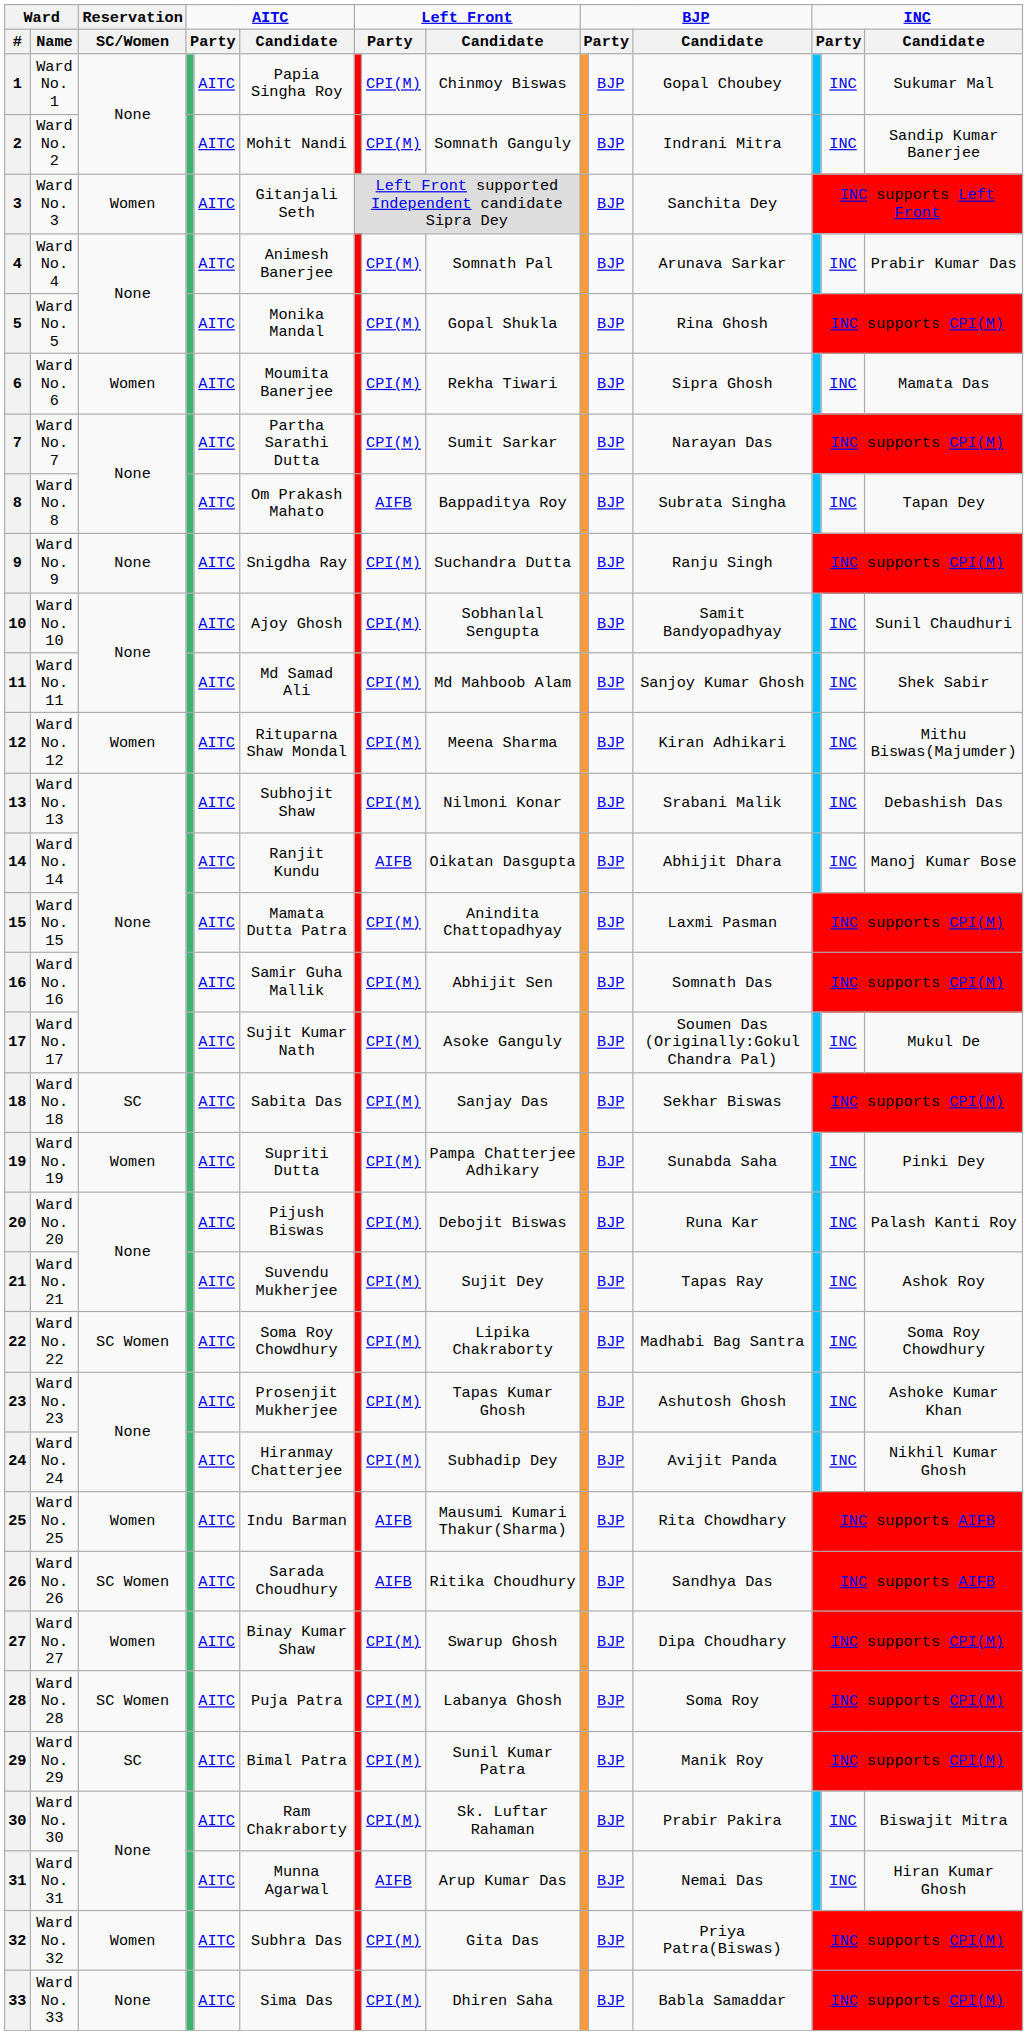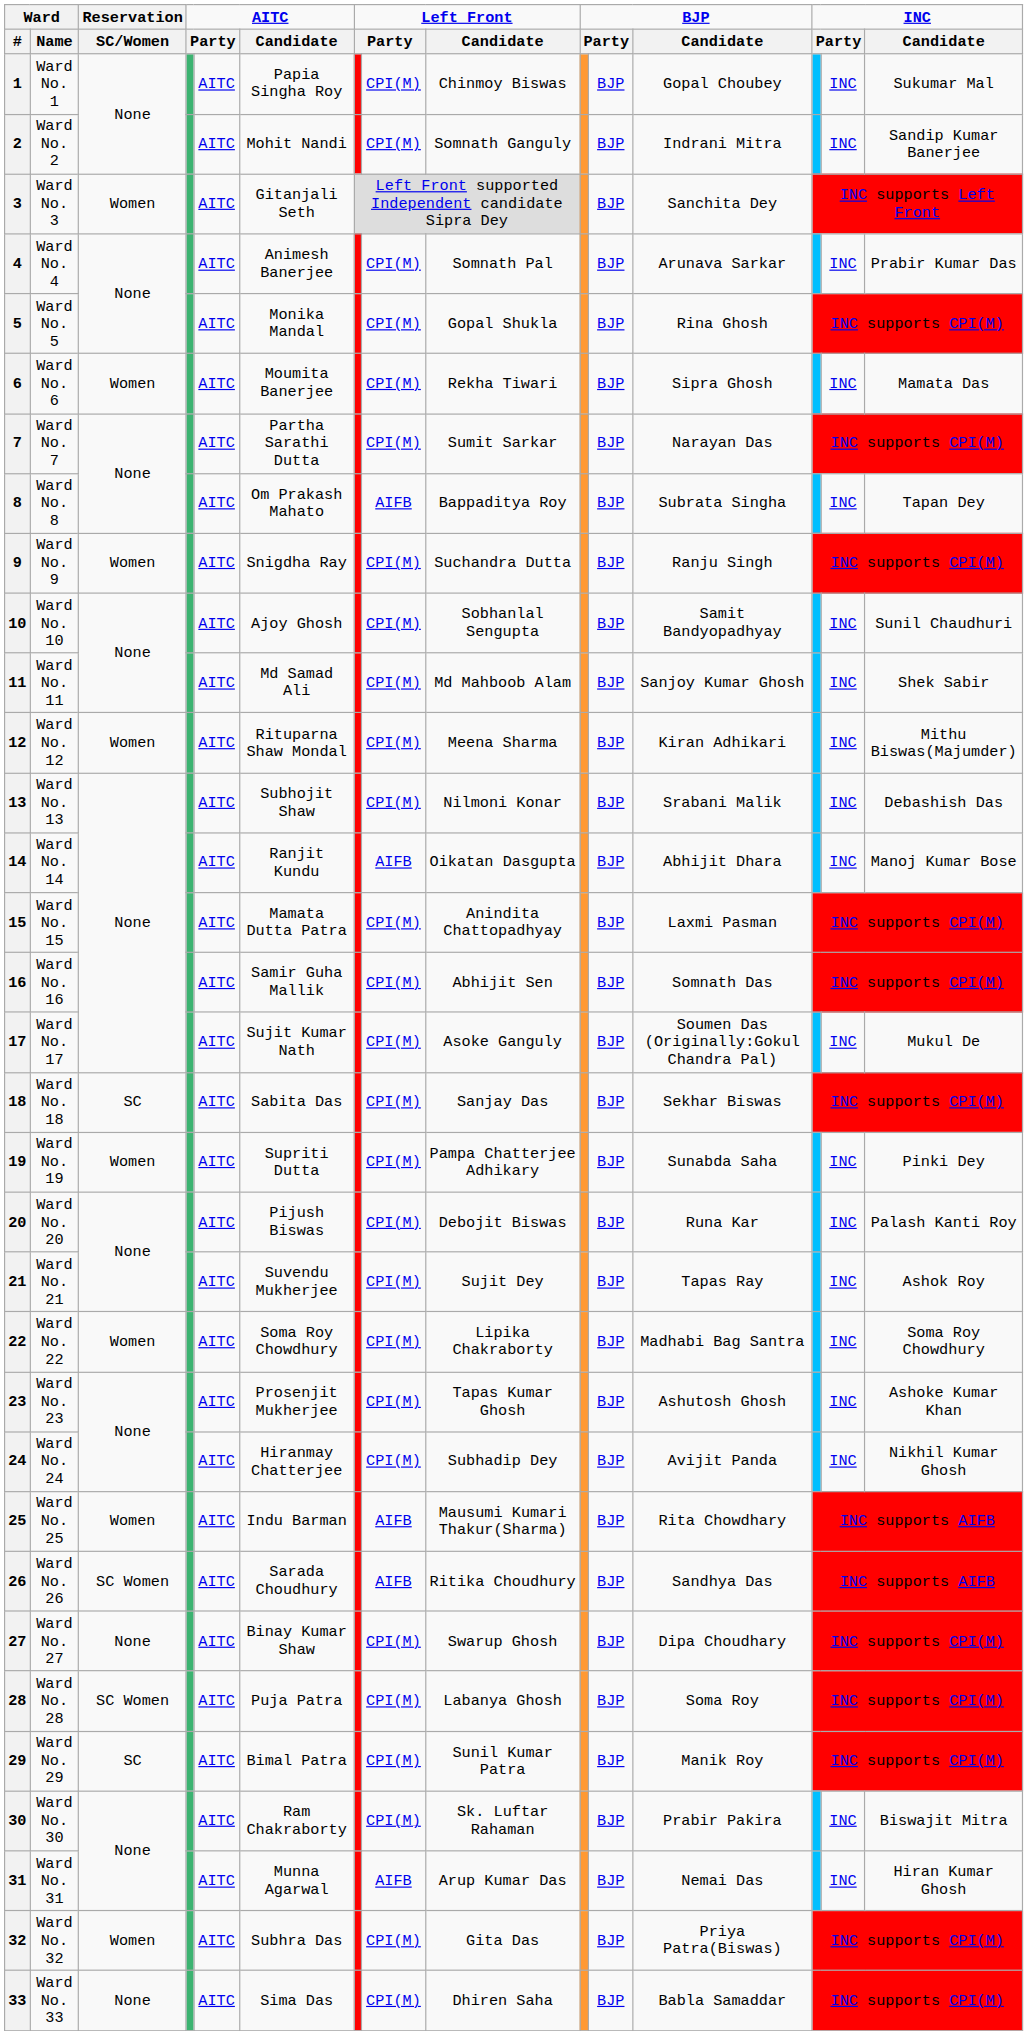 <table class="wikitable sortable" style="text-align:center;">
 <tr>
 <th colspan="2">Ward</th>
 <th colspan="1">Reservation</th>
 <td colspan="3"><a href='#'><span><strong>AITC</strong></span></a></td>
 <td colspan="3" bgcolor=><a href='#'><span><strong>Left Front</strong></span></a></td>
 <td colspan="3"><a href='#'><span><strong>BJP</strong></span></a></td>
 <td colspan="3" bgcolor=><a href='#'><span><strong>INC</strong></span></a></td>
 </tr>
 <tr>
 <th>#</th>
 <th>Name</th>
 <th>SC/Women</th>
 <th colspan="2">Party</th>
 <th>Candidate</th>
 <th colspan="2">Party</th>
 <th>Candidate</th>
 <th colspan="2">Party</th>
 <th>Candidate</th>
 <th colspan="2">Party</th>
 <th>Candidate</th>
 </tr>
 <tr>
 <th>1</th>
 <td>Ward No. 1</td>
 <td rowspan="2">None</td>
 <td bgcolor=#3CB371></td>
 <td><a href='#'>AITC</a></td>
 <td>Papia Singha Roy</td>
 <td bgcolor=#FF0000></td>
 <td><a href='#'>CPI(M)</a></td>
 <td>Chinmoy Biswas</td>
 <td bgcolor=#FF9933></td>
 <td><a href='#'>BJP</a></td>
 <td>Gopal Choubey</td>
 <td bgcolor=#00BFFF></td>
 <td><a href='#'>INC</a></td>
 <td>Sukumar Mal</td>
 </tr>
 <tr>
 <th>2</th>
 <td>Ward No. 2</td>
 <td bgcolor=#3CB371></td>
 <td><a href='#'>AITC</a></td>
 <td>Mohit Nandi</td>
 <td bgcolor=#FF0000></td>
 <td><a href='#'>CPI(M)</a></td>
 <td>Somnath Ganguly</td>
 <td bgcolor=#FF9933></td>
 <td><a href='#'>BJP</a></td>
 <td>Indrani Mitra</td>
 <td bgcolor=#00BFFF></td>
 <td><a href='#'>INC</a></td>
 <td>Sandip Kumar Banerjee</td>
 </tr>
 <tr>
 <th>3</th>
 <td>Ward No. 3</td>
 <td>Women</td>
 <td bgcolor=#3CB371></td>
 <td><a href='#'>AITC</a></td>
 <td>Gitanjali Seth</td>
 <td colspan="3" style="background:#DDDDDD"><a href='#'>Left Front</a> supported <a href='#'>Independent</a> candidate Sipra Dey</td>
 <td bgcolor=#FF9933></td>
 <td><a href='#'>BJP</a></td>
 <td>Sanchita Dey</td>
 <td colspan="3" style="background:#f00;"><a href='#'>INC</a> supports <a href='#'>Left Front</a></td>
 </tr>
 <tr>
 <th>4</th>
 <td>Ward No. 4</td>
 <td rowspan="2">None</td>
 <td bgcolor=#3CB371></td>
 <td><a href='#'>AITC</a></td>
 <td>Animesh Banerjee</td>
 <td bgcolor=#FF0000></td>
 <td><a href='#'>CPI(M)</a></td>
 <td>Somnath Pal</td>
 <td bgcolor=#FF9933></td>
 <td><a href='#'>BJP</a></td>
 <td>Arunava Sarkar</td>
 <td bgcolor=#00BFFF></td>
 <td><a href='#'>INC</a></td>
 <td>Prabir Kumar Das</td>
 </tr>
 <tr>
 <th>5</th>
 <td>Ward No. 5</td>
 <td bgcolor=#3CB371></td>
 <td><a href='#'>AITC</a></td>
 <td>Monika Mandal</td>
 <td bgcolor=#FF0000></td>
 <td><a href='#'>CPI(M)</a></td>
 <td>Gopal Shukla</td>
 <td bgcolor=#FF9933></td>
 <td><a href='#'>BJP</a></td>
 <td>Rina Ghosh</td>
 <td colspan="3" style="background:#f00;"><a href='#'>INC</a> supports <a href='#'>CPI(M)</a></td>
 </tr>
 <tr>
 <th>6</th>
 <td>Ward No. 6</td>
 <td>Women</td>
 <td bgcolor=#3CB371></td>
 <td><a href='#'>AITC</a></td>
 <td>Moumita Banerjee</td>
 <td bgcolor=#FF0000></td>
 <td><a href='#'>CPI(M)</a></td>
 <td>Rekha Tiwari</td>
 <td bgcolor=#FF9933></td>
 <td><a href='#'>BJP</a></td>
 <td>Sipra Ghosh</td>
 <td bgcolor=#00BFFF></td>
 <td><a href='#'>INC</a></td>
 <td>Mamata Das</td>
 </tr>
 <tr>
 <th>7</th>
 <td>Ward No. 7</td>
 <td rowspan="2">None</td>
 <td bgcolor=#3CB371></td>
 <td><a href='#'>AITC</a></td>
 <td>Partha Sarathi Dutta</td>
 <td bgcolor=#FF0000></td>
 <td><a href='#'>CPI(M)</a></td>
 <td>Sumit Sarkar</td>
 <td bgcolor=#FF9933></td>
 <td><a href='#'>BJP</a></td>
 <td>Narayan Das</td>
 <td colspan="3" style="background:#f00;"><a href='#'>INC</a> supports <a href='#'>CPI(M)</a></td>
 </tr>
 <tr>
 <th>8</th>
 <td>Ward No. 8</td>
 <td bgcolor=#3CB371></td>
 <td><a href='#'>AITC</a></td>
 <td>Om Prakash Mahato</td>
 <td bgcolor=#FF0000></td>
 <td><a href='#'>AIFB</a></td>
 <td>Bappaditya Roy</td>
 <td bgcolor=#FF9933></td>
 <td><a href='#'>BJP</a></td>
 <td>Subrata Singha</td>
 <td bgcolor=#00BFFF></td>
 <td><a href='#'>INC</a></td>
 <td>Tapan Dey</td>
 </tr>
 <tr>
 <th>9</th>
 <td>Ward No. 9</td>
-<td>None</td>
+<td>Women</td>
 <td bgcolor=#3CB371></td>
 <td><a href='#'>AITC</a></td>
 <td>Snigdha Ray</td>
 <td bgcolor=#FF0000></td>
 <td><a href='#'>CPI(M)</a></td>
 <td>Suchandra Dutta</td>
 <td bgcolor=#FF9933></td>
 <td><a href='#'>BJP</a></td>
 <td>Ranju Singh</td>
 <td colspan="3" style="background:#f00;"><a href='#'>INC</a> supports <a href='#'>CPI(M)</a></td>
 </tr>
 <tr>
 <th>10</th>
 <td>Ward No. 10</td>
 <td rowspan="2">None</td>
 <td bgcolor=#3CB371></td>
 <td><a href='#'>AITC</a></td>
 <td>Ajoy Ghosh</td>
 <td bgcolor=#FF0000></td>
 <td><a href='#'>CPI(M)</a></td>
 <td>Sobhanlal Sengupta</td>
 <td bgcolor=#FF9933></td>
 <td><a href='#'>BJP</a></td>
 <td>Samit Bandyopadhyay</td>
 <td bgcolor=#00BFFF></td>
 <td><a href='#'>INC</a></td>
 <td>Sunil Chaudhuri</td>
 </tr>
 <tr>
 <th>11</th>
 <td>Ward No. 11</td>
 <td bgcolor=#3CB371></td>
 <td><a href='#'>AITC</a></td>
 <td>Md Samad Ali</td>
 <td bgcolor=#FF0000></td>
 <td><a href='#'>CPI(M)</a></td>
 <td>Md Mahboob Alam</td>
 <td bgcolor=#FF9933></td>
 <td><a href='#'>BJP</a></td>
 <td>Sanjoy Kumar Ghosh</td>
 <td bgcolor=#00BFFF></td>
 <td><a href='#'>INC</a></td>
 <td>Shek Sabir</td>
 </tr>
 <tr>
 <th>12</th>
 <td>Ward No. 12</td>
 <td>Women</td>
 <td bgcolor=#3CB371></td>
 <td><a href='#'>AITC</a></td>
 <td>Rituparna Shaw Mondal</td>
 <td bgcolor=#FF0000></td>
 <td><a href='#'>CPI(M)</a></td>
 <td>Meena Sharma</td>
 <td bgcolor=#FF9933></td>
 <td><a href='#'>BJP</a></td>
 <td>Kiran Adhikari</td>
 <td bgcolor=#00BFFF></td>
 <td><a href='#'>INC</a></td>
 <td>Mithu Biswas(Majumder)</td>
 </tr>
 <tr>
 <th>13</th>
 <td>Ward No. 13</td>
 <td rowspan="5">None</td>
 <td bgcolor=#3CB371></td>
 <td><a href='#'>AITC</a></td>
 <td>Subhojit Shaw</td>
 <td bgcolor=#FF0000></td>
 <td><a href='#'>CPI(M)</a></td>
 <td>Nilmoni Konar</td>
 <td bgcolor=#FF9933></td>
 <td><a href='#'>BJP</a></td>
 <td>Srabani Malik</td>
 <td bgcolor=#00BFFF></td>
 <td><a href='#'>INC</a></td>
 <td>Debashish Das</td>
 </tr>
 <tr>
 <th>14</th>
 <td>Ward No. 14</td>
 <td bgcolor=#3CB371></td>
 <td><a href='#'>AITC</a></td>
 <td>Ranjit Kundu</td>
 <td bgcolor=#FF0000></td>
 <td><a href='#'>AIFB</a></td>
 <td>Oikatan Dasgupta</td>
 <td bgcolor=#FF9933></td>
 <td><a href='#'>BJP</a></td>
 <td>Abhijit Dhara</td>
 <td bgcolor=#00BFFF></td>
 <td><a href='#'>INC</a></td>
 <td>Manoj Kumar Bose</td>
 </tr>
 <tr>
 <th>15</th>
 <td>Ward No. 15</td>
 <td bgcolor=#3CB371></td>
 <td><a href='#'>AITC</a></td>
 <td>Mamata Dutta Patra</td>
 <td bgcolor=#FF0000></td>
 <td><a href='#'>CPI(M)</a></td>
 <td>Anindita Chattopadhyay</td>
 <td bgcolor=#FF9933></td>
 <td><a href='#'>BJP</a></td>
 <td>Laxmi Pasman</td>
 <td colspan="3" style="background:#f00;"><a href='#'>INC</a> supports <a href='#'>CPI(M)</a></td>
 </tr>
 <tr>
 <th>16</th>
 <td>Ward No. 16</td>
 <td bgcolor=#3CB371></td>
 <td><a href='#'>AITC</a></td>
 <td>Samir Guha Mallik</td>
 <td bgcolor=#FF0000></td>
 <td><a href='#'>CPI(M)</a></td>
 <td>Abhijit Sen</td>
 <td bgcolor=#FF9933></td>
 <td><a href='#'>BJP</a></td>
 <td>Somnath Das</td>
 <td colspan="3" style="background:#f00;"><a href='#'>INC</a> supports <a href='#'>CPI(M)</a></td>
 </tr>
 <tr>
 <th>17</th>
 <td>Ward No. 17</td>
 <td bgcolor=#3CB371></td>
 <td><a href='#'>AITC</a></td>
 <td>Sujit Kumar Nath</td>
 <td bgcolor=#FF0000></td>
 <td><a href='#'>CPI(M)</a></td>
 <td>Asoke Ganguly</td>
 <td bgcolor=#FF9933></td>
 <td><a href='#'>BJP</a></td>
 <td>Soumen Das (Originally:Gokul Chandra Pal)<br></td>
 <td bgcolor=#00BFFF></td>
 <td><a href='#'>INC</a></td>
 <td>Mukul De</td>
 </tr>
 <tr>
 <th>18</th>
 <td>Ward No. 18</td>
 <td>SC</td>
 <td bgcolor=#3CB371></td>
 <td><a href='#'>AITC</a></td>
 <td>Sabita Das</td>
 <td bgcolor=#FF0000></td>
 <td><a href='#'>CPI(M)</a></td>
 <td>Sanjay Das</td>
 <td bgcolor=#FF9933></td>
 <td><a href='#'>BJP</a></td>
 <td>Sekhar Biswas</td>
 <td colspan="3" style="background:#f00;"><a href='#'>INC</a> supports <a href='#'>CPI(M)</a></td>
 </tr>
 <tr>
 <th>19</th>
 <td>Ward No. 19</td>
 <td>Women</td>
 <td bgcolor=#3CB371></td>
 <td><a href='#'>AITC</a></td>
 <td>Supriti Dutta</td>
 <td bgcolor=#FF0000></td>
 <td><a href='#'>CPI(M)</a></td>
 <td>Pampa Chatterjee Adhikary</td>
 <td bgcolor=#FF9933></td>
 <td><a href='#'>BJP</a></td>
 <td>Sunabda Saha</td>
 <td bgcolor=#00BFFF></td>
 <td><a href='#'>INC</a></td>
 <td>Pinki Dey</td>
 </tr>
 <tr>
 <th>20</th>
 <td>Ward No. 20</td>
 <td rowspan="2">None</td>
 <td bgcolor=#3CB371></td>
 <td><a href='#'>AITC</a></td>
 <td>Pijush Biswas</td>
 <td bgcolor=#FF0000></td>
 <td><a href='#'>CPI(M)</a></td>
 <td>Debojit Biswas</td>
 <td bgcolor=#FF9933></td>
 <td><a href='#'>BJP</a></td>
 <td>Runa Kar</td>
 <td bgcolor=#00BFFF></td>
 <td><a href='#'>INC</a></td>
 <td>Palash Kanti Roy</td>
 </tr>
 <tr>
 <th>21</th>
 <td>Ward No. 21</td>
 <td bgcolor=#3CB371></td>
 <td><a href='#'>AITC</a></td>
 <td>Suvendu Mukherjee</td>
 <td bgcolor=#FF0000></td>
 <td><a href='#'>CPI(M)</a></td>
 <td>Sujit Dey</td>
 <td bgcolor=#FF9933></td>
 <td><a href='#'>BJP</a></td>
 <td>Tapas Ray</td>
 <td bgcolor=#00BFFF></td>
 <td><a href='#'>INC</a></td>
 <td>Ashok Roy</td>
 </tr>
 <tr>
 <th>22</th>
 <td>Ward No. 22</td>
-<td>SC Women</td>
+<td>Women</td>
 <td bgcolor=#3CB371></td>
 <td><a href='#'>AITC</a></td>
 <td>Soma Roy Chowdhury</td>
 <td bgcolor=#FF0000></td>
 <td><a href='#'>CPI(M)</a></td>
 <td>Lipika Chakraborty</td>
 <td bgcolor=#FF9933></td>
 <td><a href='#'>BJP</a></td>
 <td>Madhabi Bag Santra</td>
 <td bgcolor=#00BFFF></td>
 <td><a href='#'>INC</a></td>
 <td>Soma Roy Chowdhury</td>
 </tr>
 <tr>
 <th>23</th>
 <td>Ward No. 23</td>
 <td rowspan="2">None</td>
 <td bgcolor=#3CB371></td>
 <td><a href='#'>AITC</a></td>
 <td>Prosenjit Mukherjee</td>
 <td bgcolor=#FF0000></td>
 <td><a href='#'>CPI(M)</a></td>
 <td>Tapas Kumar Ghosh</td>
 <td bgcolor=#FF9933></td>
 <td><a href='#'>BJP</a></td>
 <td>Ashutosh Ghosh</td>
 <td bgcolor=#00BFFF></td>
 <td><a href='#'>INC</a></td>
 <td>Ashoke Kumar Khan</td>
 </tr>
 <tr>
 <th>24</th>
 <td>Ward No. 24</td>
 <td bgcolor=#3CB371></td>
 <td><a href='#'>AITC</a></td>
 <td>Hiranmay Chatterjee</td>
 <td bgcolor=#FF0000></td>
 <td><a href='#'>CPI(M)</a></td>
 <td>Subhadip Dey</td>
 <td bgcolor=#FF9933></td>
 <td><a href='#'>BJP</a></td>
 <td>Avijit Panda</td>
 <td bgcolor=#00BFFF></td>
 <td><a href='#'>INC</a></td>
 <td>Nikhil Kumar Ghosh</td>
 </tr>
 <tr>
 <th>25</th>
 <td>Ward No. 25</td>
 <td>Women</td>
 <td bgcolor=#3CB371></td>
 <td><a href='#'>AITC</a></td>
 <td>Indu Barman</td>
 <td bgcolor=#FF0000></td>
 <td><a href='#'>AIFB</a></td>
 <td>Mausumi Kumari Thakur(Sharma)</td>
 <td bgcolor=#FF9933></td>
 <td><a href='#'>BJP</a></td>
 <td>Rita Chowdhary</td>
 <td colspan="3" style="background:#f00;"><a href='#'>INC</a> supports <a href='#'>AIFB</a></td>
 </tr>
 <tr>
 <th>26</th>
 <td>Ward No. 26</td>
 <td>SC Women</td>
 <td bgcolor=#3CB371></td>
 <td><a href='#'>AITC</a></td>
 <td>Sarada Choudhury</td>
 <td bgcolor=#FF0000></td>
 <td><a href='#'>AIFB</a></td>
 <td>Ritika Choudhury</td>
 <td bgcolor=#FF9933></td>
 <td><a href='#'>BJP</a></td>
 <td>Sandhya Das</td>
 <td colspan="3" style="background:#f00;"><a href='#'>INC</a> supports <a href='#'>AIFB</a></td>
 </tr>
 <tr>
 <th>27</th>
 <td>Ward No. 27</td>
-<td>Women</td>
+<td>None</td>
 <td bgcolor=#3CB371></td>
 <td><a href='#'>AITC</a></td>
 <td>Binay Kumar Shaw</td>
 <td bgcolor=#FF0000></td>
 <td><a href='#'>CPI(M)</a></td>
 <td>Swarup Ghosh</td>
 <td bgcolor=#FF9933></td>
 <td><a href='#'>BJP</a></td>
 <td>Dipa Choudhary</td>
 <td colspan="3" style="background:#f00;"><a href='#'>INC</a> supports <a href='#'>CPI(M)</a></td>
 </tr>
 <tr>
 <th>28</th>
 <td>Ward No. 28</td>
 <td>SC Women</td>
 <td bgcolor=#3CB371></td>
 <td><a href='#'>AITC</a></td>
 <td>Puja Patra</td>
 <td bgcolor=#FF0000></td>
 <td><a href='#'>CPI(M)</a></td>
 <td>Labanya Ghosh</td>
 <td bgcolor=#FF9933></td>
 <td><a href='#'>BJP</a></td>
 <td>Soma Roy</td>
 <td colspan="3" style="background:#f00;"><a href='#'>INC</a> supports <a href='#'>CPI(M)</a></td>
 </tr>
 <tr>
 <th>29</th>
 <td>Ward No. 29</td>
 <td>SC</td>
 <td bgcolor=#3CB371></td>
 <td><a href='#'>AITC</a></td>
 <td>Bimal Patra</td>
 <td bgcolor=#FF0000></td>
 <td><a href='#'>CPI(M)</a></td>
 <td>Sunil Kumar Patra</td>
 <td bgcolor=#FF9933></td>
 <td><a href='#'>BJP</a></td>
 <td>Manik Roy</td>
 <td colspan="3" style="background:#f00;"><a href='#'>INC</a> supports <a href='#'>CPI(M)</a></td>
 </tr>
 <tr>
 <th>30</th>
 <td>Ward No. 30</td>
 <td rowspan="2">None</td>
 <td bgcolor=#3CB371></td>
 <td><a href='#'>AITC</a></td>
 <td>Ram Chakraborty</td>
 <td bgcolor=#FF0000></td>
 <td><a href='#'>CPI(M)</a></td>
 <td>Sk. Luftar Rahaman</td>
 <td bgcolor=#FF9933></td>
 <td><a href='#'>BJP</a></td>
 <td>Prabir Pakira</td>
 <td bgcolor=#00BFFF></td>
 <td><a href='#'>INC</a></td>
 <td>Biswajit Mitra</td>
 </tr>
 <tr>
 <th>31</th>
 <td>Ward No. 31</td>
 <td bgcolor=#3CB371></td>
 <td><a href='#'>AITC</a></td>
 <td>Munna Agarwal</td>
 <td bgcolor=#FF0000></td>
 <td><a href='#'>AIFB</a></td>
 <td>Arup Kumar Das</td>
 <td bgcolor=#FF9933></td>
 <td><a href='#'>BJP</a></td>
 <td>Nemai Das</td>
 <td bgcolor=#00BFFF></td>
 <td><a href='#'>INC</a></td>
 <td>Hiran Kumar Ghosh</td>
 </tr>
 <tr>
 <th>32</th>
 <td>Ward No. 32</td>
 <td>Women</td>
 <td bgcolor=#3CB371></td>
 <td><a href='#'>AITC</a></td>
 <td>Subhra Das</td>
 <td bgcolor=#FF0000></td>
 <td><a href='#'>CPI(M)</a></td>
 <td>Gita Das</td>
 <td bgcolor=#FF9933></td>
 <td><a href='#'>BJP</a></td>
 <td>Priya Patra(Biswas)</td>
 <td colspan="3" style="background:#f00;"><a href='#'>INC</a> supports <a href='#'>CPI(M)</a></td>
 </tr>
 <tr>
 <th>33</th>
 <td>Ward No. 33</td>
 <td>None</td>
 <td bgcolor=#3CB371></td>
 <td><a href='#'>AITC</a></td>
 <td>Sima Das</td>
 <td bgcolor=#FF0000></td>
 <td><a href='#'>CPI(M)</a></td>
 <td>Dhiren Saha</td>
 <td bgcolor=#FF9933></td>
 <td><a href='#'>BJP</a></td>
 <td>Babla Samaddar</td>
 <td colspan="3" style="background:#f00;"><a href='#'>INC</a> supports <a href='#'>CPI(M)</a></td>
 </tr>
 <tr>
 </tr>
 </table>
